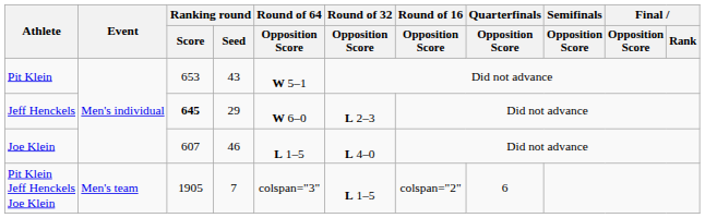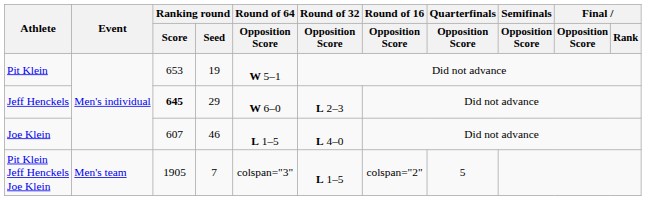 <table class="wikitable" style="text-align:center; font-size:90%">
 <tr>
 <th rowspan="2">Athlete</th>
 <th rowspan="2">Event</th>
 <th colspan="2">Ranking round</th>
 <th>Round of 64</th>
 <th>Round of 32</th>
 <th>Round of 16</th>
 <th>Quarterfinals</th>
 <th>Semifinals</th>
 <th colspan="2">Final / </th>
 </tr>
 <tr style="font-size:95%">
 <th>Score</th>
 <th>Seed</th>
 <th>Opposition<br>Score</th>
 <th>Opposition<br>Score</th>
 <th>Opposition<br>Score</th>
 <th>Opposition<br>Score</th>
 <th>Opposition<br>Score</th>
 <th>Opposition<br>Score</th>
 <th>Rank</th>
 </tr>
 <tr>
 <td align="left"><a href='#'>Pit Klein</a></td>
 <td align="left" rowspan="3"><a href='#'>Men's individual</a></td>
 <td>653</td>
-<td>43</td>
+<td>19</td>
 <td><br><strong>W</strong> 5–1</td>
 <td colspan=6>Did not advance</td>
 </tr>
 <tr>
 <td align="left"><a href='#'>Jeff Henckels</a></td>
 <td><strong>645</strong></td>
 <td>29</td>
 <td><br><strong>W</strong> 6–0</td>
 <td><br><strong>L</strong> 2–3</td>
 <td colspan=5>Did not advance</td>
 </tr>
 <tr>
 <td align="left"><a href='#'>Joe Klein</a></td>
 <td>607</td>
 <td>46</td>
 <td><br><strong>L</strong> 1–5</td>
 <td><br><strong>L</strong> 4–0</td>
 <td colspan=5>Did not advance</td>
 </tr>
 <tr>
 <td align="left"><a href='#'>Pit Klein</a><br><a href='#'>Jeff Henckels</a><br><a href='#'>Joe Klein</a></td>
 <td align="left"><a href='#'>Men's team</a></td>
 <td>1905</td>
 <td>7</td>
 <td>colspan="3" </td>
 <td><br><strong>L</strong> 1–5</td>
 <td>colspan="2" </td>
-<td>6</td>
+<td>5</td>
 </tr>
 </table>
